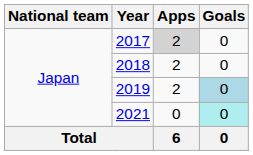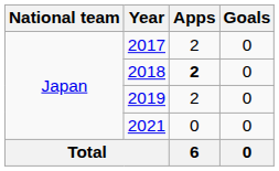 <table class="wikitable" style="text-align:center">
 <tr>
 <th>National team</th>
 <th>Year</th>
 <th>Apps</th>
 <th>Goals</th>
 </tr>
 <tr>
 <td rowspan="4"><a href='#'>Japan</a></td>
 <td><a href='#'>2017</a></td>
-<td style="background: lightgrey;">2</td>
+<td>2</td>
 <td>0</td>
 </tr>
 <tr>
 <td><a href='#'>2018</a></td>
-<td>2</td>
+<td><strong>2</strong></td>
 <td>0</td>
 </tr>
 <tr>
 <td><a href='#'>2019</a></td>
 <td>2</td>
-<td style="background: lightblue;">0</td>
+<td>0</td>
 </tr>
 <tr>
 <td><a href='#'>2021</a></td>
 <td>0</td>
-<td style="background: paleturquoise;">0</td>
+<td>0</td>
 </tr>
 <tr>
 <th colspan="2">Total</th>
 <th>6</th>
 <th>0</th>
 </tr>
 </table>
